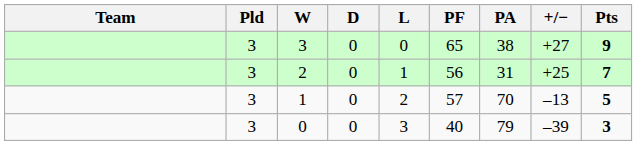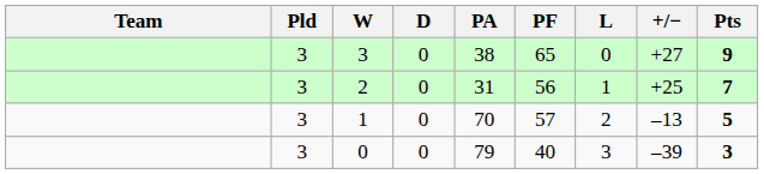 <table class="wikitable" style="text-align:center">
 <tr>
 <th width="200">Team</th>
 <th width="40">Pld</th>
 <th width="40">W</th>
 <th width="40">D</th>
+<th width="40">PA</th>
+<th width="40">PF</th>
 <th width="40">L</th>
-<th width="40">PF</th>
-<th width="40">PA</th>
 <th width="40">+/−</th>
 <th width="40">Pts</th>
 </tr>
 <tr style="background:#cfc">
 <td align=left></td>
 <td>3</td>
 <td>3</td>
 <td>0</td>
+<td>38</td>
+<td>65</td>
 <td>0</td>
-<td>65</td>
-<td>38</td>
 <td>+27</td>
 <td><strong>9</strong></td>
 </tr>
 <tr style="background:#cfc">
 <td align=left></td>
 <td>3</td>
 <td>2</td>
 <td>0</td>
+<td>31</td>
+<td>56</td>
 <td>1</td>
-<td>56</td>
-<td>31</td>
 <td>+25</td>
 <td><strong>7</strong></td>
 </tr>
 <tr>
 <td align=left></td>
 <td>3</td>
 <td>1</td>
 <td>0</td>
+<td>70</td>
+<td>57</td>
 <td>2</td>
-<td>57</td>
-<td>70</td>
 <td>–13</td>
 <td><strong>5</strong></td>
 </tr>
 <tr>
 <td align=left></td>
 <td>3</td>
 <td>0</td>
 <td>0</td>
+<td>79</td>
+<td>40</td>
 <td>3</td>
-<td>40</td>
-<td>79</td>
 <td>–39</td>
 <td><strong>3</strong></td>
 </tr>
 </table>
